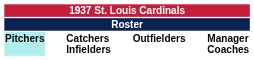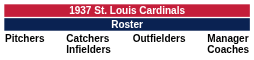 <table class="toccolours" style="font-size: 95%;">
 <tr>
 <th colspan="10" style="background-color: #c41e3a; color: white; text-align: center;">1937 St. Louis Cardinals</th>
 </tr>
 <tr>
 <td colspan="10" style="background-color: #0a2252; color: white; text-align: center;"><strong>Roster</strong></td>
 </tr>
 <tr>
-<td valign="top" style="background: paleturquoise;"><strong>Pitchers</strong><br>                </td>
+<td valign="top"><strong>Pitchers</strong><br>                </td>
 <td width="25px"></td>
 <td valign="top"><strong>Catchers</strong><br>   <strong>Infielders</strong>        </td>
 <td width="25px"></td>
 <td valign="top"><strong>Outfielders</strong><br>    </td>
 <td width="25px"></td>
 <td valign="top"><strong>Manager</strong><br> <strong>Coaches</strong>  </td>
 </tr>
 </table>
